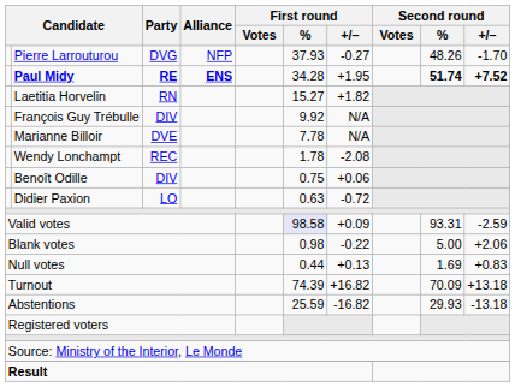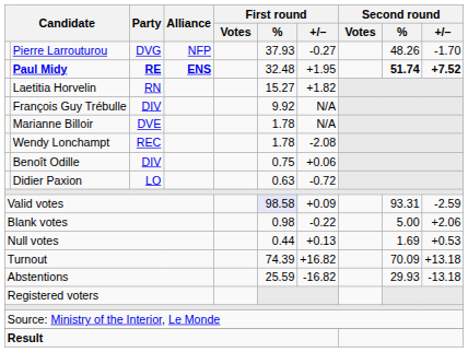 <table class="wikitable" style="text-align:right;font-size:95%;">
 <tr>
 <th rowspan="2" colspan="2">Candidate</th>
 <th rowspan="2">Party</th>
 <th rowspan="2">Alliance</th>
 <th colspan="3">First round</th>
 <th colspan="3">Second round</th>
 </tr>
 <tr>
 <th style="width:50px;">Votes</th>
 <th style="width:45px;">%</th>
 <th style="width:45px;">+/–</th>
 <th style="width:50px;">Votes</th>
 <th style="width:45px;">%</th>
 <th style="width:45px;">+/–</th>
 </tr>
 <tr>
 <td style="color:inherit;background:"></td>
 <td style="text-align:left;"><a href='#'>Pierre Larrouturou</a></td>
 <td><a href='#'>DVG</a></td>
 <td><a href='#'>NFP</a></td>
 <td></td>
 <td>37.93</td>
 <td>-0.27</td>
 <td></td>
 <td>48.26</td>
 <td>-1.70</td>
 </tr>
 <tr>
 <td style="color:inherit;background:"></td>
 <td style="text-align:left;"><strong><a href='#'>Paul Midy</a></strong></td>
 <td><a href='#'><strong>RE</strong></a></td>
 <td><a href='#'><strong>ENS</strong></a></td>
 <td></td>
-<td>34.28</td>
+<td>32.48</td>
 <td>+1.95</td>
 <td><strong></strong></td>
 <td><strong>51.74</strong></td>
 <td><strong>+7.52</strong></td>
 </tr>
 <tr>
 <td style="color:inherit;background:"></td>
 <td style="text-align:left;">Laetitia Horvelin</td>
 <td><a href='#'>RN</a></td>
 <td></td>
 <td></td>
 <td>15.27</td>
 <td>+1.82</td>
 <td colspan="3" style="background:#E9E9E9;"></td>
 </tr>
 <tr>
 <td style="color:inherit;background:"></td>
 <td style="text-align:left;">François Guy Trébulle</td>
 <td><a href='#'>DIV</a></td>
 <td></td>
 <td></td>
 <td>9.92</td>
 <td>N/A</td>
 <td colspan="3" style="background:#E9E9E9;"></td>
 </tr>
 <tr>
 <td style="color:inherit;background:"></td>
 <td style="text-align:left;">Marianne Billoir</td>
 <td><a href='#'>DVE</a></td>
 <td></td>
 <td></td>
-<td>7.78</td>
+<td>1.78</td>
 <td>N/A</td>
 <td colspan="3" style="background:#E9E9E9;"></td>
 </tr>
 <tr>
 <td style="color:inherit;background:"></td>
 <td style="text-align:left;">Wendy Lonchampt</td>
 <td><a href='#'>REC</a></td>
 <td></td>
 <td></td>
 <td>1.78</td>
 <td>-2.08</td>
 <td colspan="3" style="background:#E9E9E9;"></td>
 </tr>
 <tr>
 <td style="color:inherit;background:"></td>
 <td style="text-align:left;">Benoît Odille</td>
 <td><a href='#'>DIV</a></td>
 <td></td>
 <td></td>
 <td>0.75</td>
 <td>+0.06</td>
 <td colspan="3" style="background:#E9E9E9;"></td>
 </tr>
 <tr>
 <td style="color:inherit;background:"></td>
 <td style="text-align:left;">Didier Paxion</td>
 <td><a href='#'>LO</a></td>
 <td></td>
 <td></td>
 <td>0.63</td>
 <td>-0.72</td>
 <td colspan="3" style="background:#E9E9E9;"></td>
 </tr>
 <tr>
 <td colspan="10" style="background:#E9E9E9;"></td>
 </tr>
 <tr>
 <td colspan="4" style="text-align:left;">Valid votes</td>
 <td></td>
 <td style="background: lavender;">98.58</td>
 <td>+0.09</td>
 <td></td>
 <td>93.31</td>
 <td>-2.59</td>
 </tr>
 <tr>
 <td colspan="4" style="text-align:left;">Blank votes</td>
 <td></td>
 <td>0.98</td>
 <td>-0.22</td>
 <td></td>
 <td>5.00</td>
 <td>+2.06</td>
 </tr>
 <tr>
 <td colspan="4" style="text-align:left;">Null votes</td>
 <td></td>
 <td>0.44</td>
 <td>+0.13</td>
 <td></td>
 <td>1.69</td>
-<td>+0.83</td>
+<td>+0.53</td>
 </tr>
 <tr>
 <td colspan="4" style="text-align:left;">Turnout</td>
 <td></td>
 <td>74.39</td>
 <td>+16.82</td>
 <td></td>
 <td>70.09</td>
 <td>+13.18</td>
 </tr>
 <tr>
 <td colspan="4" style="text-align:left;">Abstentions</td>
 <td></td>
 <td>25.59</td>
 <td>-16.82</td>
 <td></td>
 <td>29.93</td>
 <td>-13.18</td>
 </tr>
 <tr>
 <td colspan="4" style="text-align:left;">Registered voters</td>
 <td></td>
 <td colspan="2" style="background:#E9E9E9;"></td>
 <td></td>
 <td colspan="2" style="background:#E9E9E9;"></td>
 </tr>
 <tr>
 <td colspan="10" style="background:#E9E9E9;"></td>
 </tr>
 <tr>
 <td colspan="10" style="text-align:left;">Source: <a href='#'>Ministry of the Interior</a>, <a href='#'>Le Monde</a></td>
 </tr>
 <tr>
 </tr>
 <tr style="font-weight:bold">
 <td colspan="7" style="text-align:left;">Result</td>
 <td colspan="7" style="background-color:"></td>
 </tr>
 </table>
